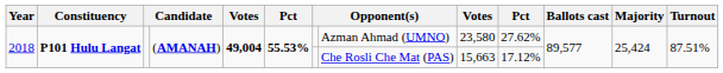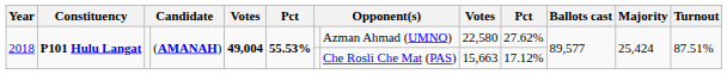 <table class="wikitable" style="margin:0.5em ; font-size:95%">
 <tr>
 <th>Year</th>
 <th>Constituency</th>
 <th colspan=2>Candidate</th>
 <th>Votes</th>
 <th>Pct</th>
 <th colspan=2>Opponent(s)</th>
 <th>Votes</th>
 <th>Pct</th>
 <th>Ballots cast</th>
 <th>Majority</th>
 <th>Turnout</th>
 </tr>
 <tr>
 <td rowspan="2"><a href='#'>2018</a></td>
 <td rowspan="2"><strong>P101 <a href='#'>Hulu Langat</a></strong></td>
 <td rowspan="2" ></td>
 <td rowspan="2"> (<a href='#'><strong>AMANAH</strong></a>)</td>
 <td rowspan="2" align=right><strong>49,004</strong></td>
 <td rowspan="2"><strong>55.53%</strong></td>
 <td></td>
 <td>Azman Ahmad (<a href='#'>UMNO</a>)</td>
-<td align=right>23,580</td>
+<td align=right>22,580</td>
 <td>27.62%</td>
 <td rowspan="2">89,577</td>
 <td rowspan="2">25,424</td>
 <td rowspan="2">87.51%</td>
 </tr>
 <tr>
 <td></td>
 <td><a href='#'>Che Rosli Che Mat</a> (<a href='#'>PAS</a>)</td>
 <td align=right>15,663</td>
 <td>17.12%</td>
 </tr>
 </table>
